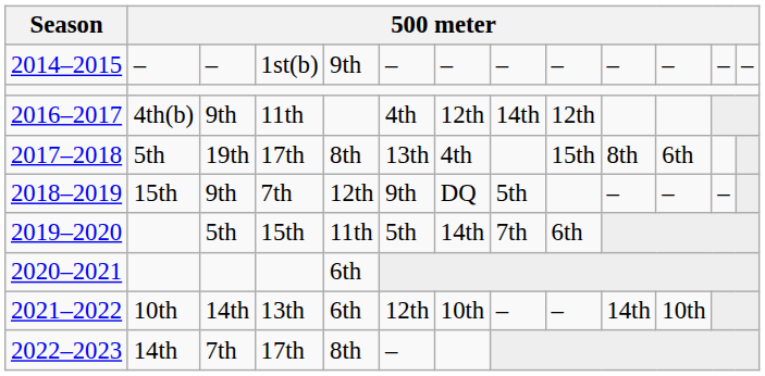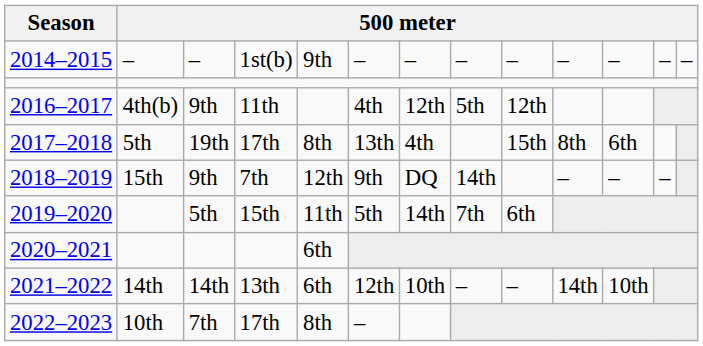 <table class="wikitable" style="display: inline-table;">
 <tr>
 <th>Season</th>
 <th colspan="12">500 meter</th>
 </tr>
 <tr>
 <td><a href='#'>2014–2015</a></td>
 <td>–</td>
 <td>–</td>
 <td>1st(b)</td>
 <td>9th</td>
 <td>–</td>
 <td>–</td>
 <td>–</td>
 <td>–</td>
 <td>–</td>
 <td>–</td>
 <td>–</td>
 <td>–</td>
 </tr>
 <tr>
 <td></td>
 </tr>
 <tr>
 <td><a href='#'>2016–2017</a></td>
 <td>4th(b)</td>
 <td>9th</td>
 <td>11th</td>
 <td></td>
 <td>4th</td>
 <td>12th</td>
-<td>14th</td>
+<td>5th</td>
 <td>12th</td>
 <td></td>
 <td></td>
 <td colspan="3" bgcolor=#EEEEEE></td>
 </tr>
 <tr>
 <td><a href='#'>2017–2018</a></td>
 <td>5th</td>
 <td>19th</td>
 <td>17th</td>
 <td>8th</td>
 <td>13th</td>
 <td>4th</td>
 <td></td>
 <td>15th</td>
 <td>8th</td>
 <td>6th</td>
 <td></td>
 <td colspan="1" bgcolor=#EEEEEE></td>
 </tr>
 <tr>
 <td><a href='#'>2018–2019</a></td>
 <td>15th</td>
 <td>9th</td>
 <td>7th</td>
 <td>12th</td>
 <td>9th</td>
 <td>DQ</td>
-<td>5th</td>
+<td>14th</td>
 <td></td>
 <td>–</td>
 <td>–</td>
 <td>–</td>
 <td colspan="1" bgcolor=#EEEEEE></td>
 </tr>
 <tr>
 <td><a href='#'>2019–2020</a></td>
 <td></td>
 <td>5th</td>
 <td>15th</td>
 <td>11th</td>
 <td>5th</td>
 <td>14th</td>
 <td>7th</td>
 <td>6th</td>
 <td colspan="4" bgcolor=#EEEEEE></td>
 </tr>
 <tr>
 <td><a href='#'>2020–2021</a></td>
 <td></td>
 <td></td>
 <td></td>
 <td>6th</td>
 <td colspan="8" bgcolor=#EEEEEE></td>
 </tr>
 <tr>
 <td><a href='#'>2021–2022</a></td>
-<td>10th</td>
+<td>14th</td>
 <td>14th</td>
 <td>13th</td>
 <td>6th</td>
 <td>12th</td>
 <td>10th</td>
 <td>–</td>
 <td>–</td>
 <td>14th</td>
 <td>10th</td>
 <td colspan="2" bgcolor=#EEEEEE></td>
 </tr>
 <tr>
 <td><a href='#'>2022–2023</a></td>
-<td>14th</td>
+<td>10th</td>
 <td>7th</td>
 <td>17th</td>
 <td>8th</td>
 <td>–</td>
 <td></td>
 <td colspan="7" bgcolor=#EEEEEE></td>
 </tr>
 </table>
